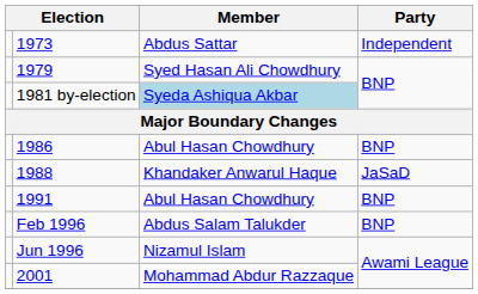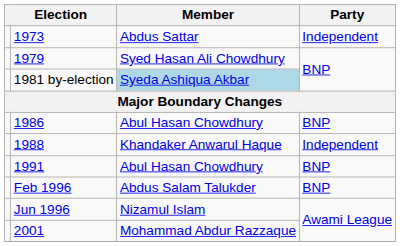 <table class="wikitable">
 <tr>
 <th colspan="2">Election</th>
 <th>Member</th>
 <th>Party</th>
 </tr>
 <tr>
 <td style="background-color:"></td>
 <td><a href='#'>1973</a></td>
 <td><a href='#'>Abdus Sattar</a></td>
 <td><a href='#'>Independent</a></td>
 </tr>
 <tr>
 <td style="background-color:"></td>
 <td><a href='#'>1979</a></td>
 <td><a href='#'>Syed Hasan Ali Chowdhury</a></td>
 <td rowspan="2"><a href='#'>BNP</a></td>
 </tr>
 <tr>
 <td style="background-color:"></td>
 <td>1981 by-election</td>
 <td style="background: lightblue;"><a href='#'>Syeda Ashiqua Akbar</a></td>
 </tr>
 <tr>
 <th colspan="4">Major Boundary Changes</th>
 </tr>
 <tr>
 <td style="background-color:"></td>
 <td><a href='#'>1986</a></td>
 <td><a href='#'>Abul Hasan Chowdhury</a></td>
 <td><a href='#'>BNP</a></td>
 </tr>
 <tr>
 <td style="background-color:"></td>
 <td><a href='#'>1988</a></td>
 <td><a href='#'>Khandaker Anwarul Haque</a></td>
-<td><a href='#'>JaSaD</a></td>
+<td><a href='#'>Independent</a></td>
 </tr>
 <tr>
 <td style="background-color:"></td>
 <td><a href='#'>1991</a></td>
 <td><a href='#'>Abul Hasan Chowdhury</a></td>
 <td><a href='#'>BNP</a></td>
 </tr>
 <tr>
 <td style="background-color:"></td>
 <td><a href='#'>Feb 1996</a></td>
 <td><a href='#'>Abdus Salam Talukder</a></td>
 <td><a href='#'>BNP</a></td>
 </tr>
 <tr>
 <td style="background-color:"></td>
 <td><a href='#'>Jun 1996</a></td>
 <td><a href='#'>Nizamul Islam</a></td>
 <td rowspan="2"><a href='#'>Awami League</a></td>
 </tr>
 <tr>
 <td style="background-color:"></td>
 <td><a href='#'>2001</a></td>
 <td><a href='#'>Mohammad Abdur Razzaque</a></td>
 </tr>
 <tr>
 </tr>
 </table>
